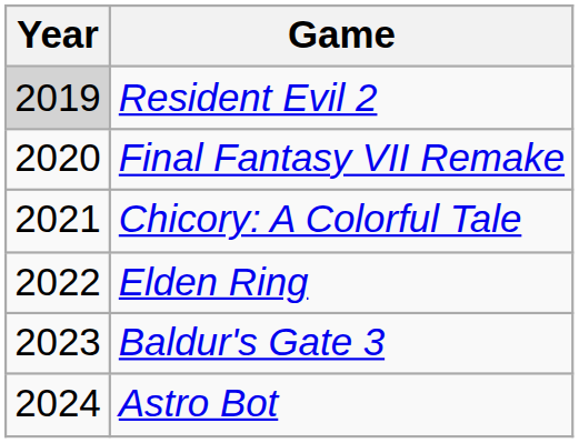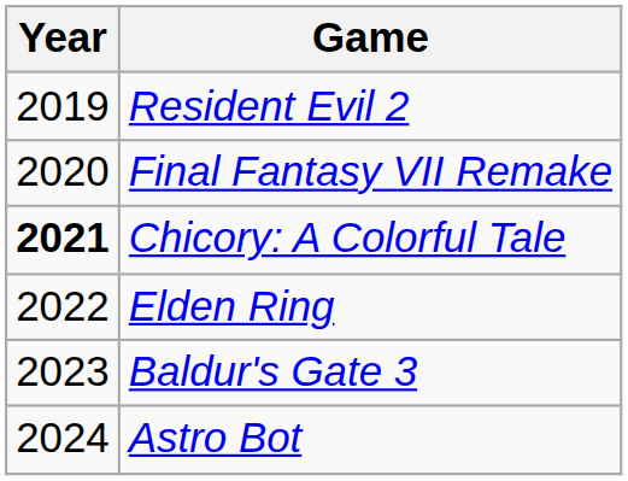 <table class="wikitable">
 <tr>
 <th>Year</th>
 <th>Game</th>
 </tr>
 <tr>
-<td style="background: lightgrey;">2019</td>
+<td>2019</td>
 <td><em><a href='#'>Resident Evil 2</a></em></td>
 </tr>
 <tr>
 <td>2020</td>
 <td><em><a href='#'>Final Fantasy VII Remake</a></em></td>
 </tr>
 <tr>
-<td>2021</td>
+<td><strong>2021</strong></td>
 <td><em><a href='#'>Chicory: A Colorful Tale</a></em></td>
 </tr>
 <tr>
 <td>2022</td>
 <td><em><a href='#'>Elden Ring</a></em></td>
 </tr>
 <tr>
 <td>2023</td>
 <td><em><a href='#'>Baldur's Gate 3</a></em></td>
 </tr>
 <tr>
 <td>2024</td>
 <td><em><a href='#'>Astro Bot</a></em></td>
 </tr>
 </table>
